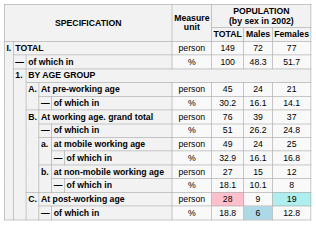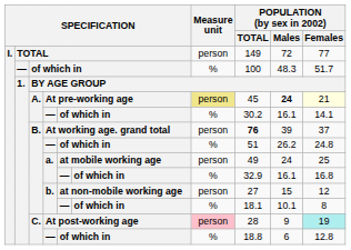 <table class="wikitable" style="font-size:85%; text-align:center">
 <tr>
 <th rowspan="2" colspan="6">SPECIFICATION</th>
 <th rowspan="2">Measure<br> unit</th>
 <th colspan="3" rowspan="1">POPULATION<br> (by sex in 2002)</th>
 </tr>
 <tr>
 <th>TOTAL</th>
 <th>Males</th>
 <th>Females</th>
 </tr>
 <tr>
 <th style="text-align:left" valign="top" rowspan="13">I.</th>
 <th style="text-align:left" colspan="5">TOTAL</th>
 <td>person</td>
 <td>149</td>
 <td>72</td>
 <td>77</td>
 </tr>
 <tr>
 <th style="text-align:left" valign="top">—</th>
 <th style="text-align:left" colspan="4">of which in</th>
 <td>%</td>
 <td>100</td>
 <td>48.3</td>
 <td>51.7</td>
 </tr>
 <tr>
 <th style="text-align:left" valign="top" rowspan="11">1.</th>
 <th style="text-align:left" colspan="19">BY AGE GROUP</th>
 </tr>
 <tr>
 <th style="text-align:left" valign="top" rowspan="2">A.</th>
 <th style="text-align:left" colspan="3">At pre-working age</th>
-<td>person</td>
+<td style="background: khaki;">person</td>
 <td>45</td>
-<td>24</td>
-<td>21</td>
+<td><strong>24</strong></td>
+<td style="background: lightyellow;">21</td>
 </tr>
 <tr>
 <th style="text-align:left" valign="top">—</th>
 <th style="text-align:left" valign="top" colspan="2">of which in</th>
 <td>%</td>
 <td>30.2</td>
 <td>16.1</td>
 <td>14.1</td>
 </tr>
 <tr>
 <th style="text-align:left" valign="top" rowspan="6">B.</th>
 <th style="text-align:left" colspan="3">At working age. grand total</th>
 <td>person</td>
-<td>76</td>
+<td><strong>76</strong></td>
 <td>39</td>
 <td>37</td>
 </tr>
 <tr>
 <th style="text-align:left" valign="top">—</th>
 <th style="text-align:left" valign="top" colspan="2">of which in</th>
 <td>%</td>
 <td>51</td>
 <td>26.2</td>
 <td>24.8</td>
 </tr>
 <tr>
 <th style="text-align:left" valign="top" rowspan="2">a.</th>
 <th style="text-align:left" colspan="2">at mobile working age</th>
 <td>person</td>
 <td>49</td>
 <td>24</td>
 <td>25</td>
 </tr>
 <tr>
 <th style="text-align:left" valign="top">—</th>
 <th style="text-align:left" valign="top" colspan="1">of which in                        </th>
 <td>%</td>
 <td>32.9</td>
 <td>16.1</td>
 <td>16.8</td>
 </tr>
 <tr>
 <th style="text-align:left" valign="top" rowspan="2">b.</th>
 <th style="text-align:left" colspan="2">at non-mobile working age</th>
 <td>person</td>
 <td>27</td>
 <td>15</td>
 <td>12</td>
 </tr>
 <tr>
 <th style="text-align:left" valign="top">—</th>
 <th style="text-align:left" valign="top" colspan="1">of which in                        </th>
 <td>%</td>
 <td>18.1</td>
 <td>10.1</td>
 <td>8</td>
 </tr>
 <tr>
 <th style="text-align:left" valign="top" rowspan="2">C.</th>
 <th style="text-align:left" colspan="3">At post-working age</th>
-<td>person</td>
-<td style="background: pink;">28</td>
+<td style="background: pink;">person</td>
+<td>28</td>
 <td>9</td>
 <td style="background: paleturquoise;">19</td>
 </tr>
 <tr>
 <th style="text-align:left" valign="top">—</th>
 <th style="text-align:left" valign="top" colspan="2">of which in</th>
 <td>%</td>
 <td>18.8</td>
-<td style="background: lightblue;">6</td>
+<td>6</td>
 <td>12.8</td>
 </tr>
 </table>
